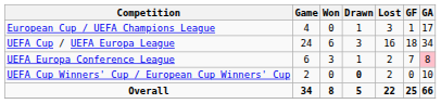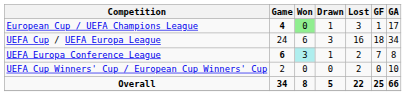 <table class="wikitable" style="text-align:center;">
 <tr>
 <th>Competition</th>
 <th>Game</th>
 <th>Won</th>
 <th>Drawn</th>
 <th>Lost</th>
 <th>GF</th>
 <th>GA</th>
 </tr>
 <tr>
 <td style="text-align:left;"><a href='#'>European Cup / UEFA Champions League</a></td>
-<td>4</td>
-<td>0</td>
+<td><strong>4</strong></td>
+<td style="background: lightgreen;">0</td>
 <td>1</td>
 <td>3</td>
 <td>1</td>
 <td>17</td>
 </tr>
 <tr>
 <td style="text-align:left;"><a href='#'>UEFA Cup</a> / <a href='#'>UEFA Europa League</a></td>
 <td>24</td>
 <td>6</td>
 <td>3</td>
 <td>16</td>
 <td>18</td>
 <td>34</td>
 </tr>
 <tr>
 <td style="text-align:left;"><a href='#'>UEFA Europa Conference League</a></td>
-<td>6</td>
-<td>3</td>
+<td><strong>6</strong></td>
+<td style="background: paleturquoise;">3</td>
 <td>1</td>
 <td>2</td>
 <td>7</td>
-<td style="background: pink;">8</td>
+<td>8</td>
 </tr>
 <tr>
 <td style="text-align:left;"><a href='#'>UEFA Cup Winners' Cup / European Cup Winners' Cup</a></td>
 <td>2</td>
 <td>0</td>
-<td><strong>0</strong></td>
+<td>0</td>
 <td>2</td>
 <td>0</td>
 <td>10</td>
 </tr>
 <tr>
 <td><strong>Overall</strong></td>
 <td><strong>34</strong></td>
 <td><strong>8</strong></td>
 <td><strong>5</strong></td>
 <td><strong>22</strong></td>
 <td><strong>25</strong></td>
 <td><strong>66</strong></td>
 </tr>
 <tr>
 </tr>
 </table>
